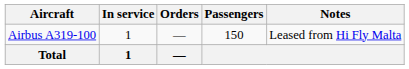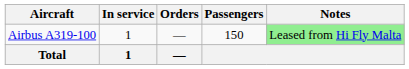 <table class="wikitable" style="margin: 1em auto;border-collapse:collapse;text-align:center">
 <tr>
 <th>Aircraft</th>
 <th>In service</th>
 <th>Orders</th>
 <th>Passengers</th>
 <th>Notes</th>
 </tr>
 <tr>
 <td><a href='#'>Airbus A319-100</a></td>
 <td>1</td>
 <td>—</td>
 <td>150</td>
-<td>Leased from <a href='#'>Hi Fly Malta</a></td>
+<td style="background: lightgreen;">Leased from <a href='#'>Hi Fly Malta</a></td>
 </tr>
 <tr>
 <th>Total</th>
 <th>1</th>
 <th>—</th>
 <th colspan="2"></th>
 </tr>
 </table>
